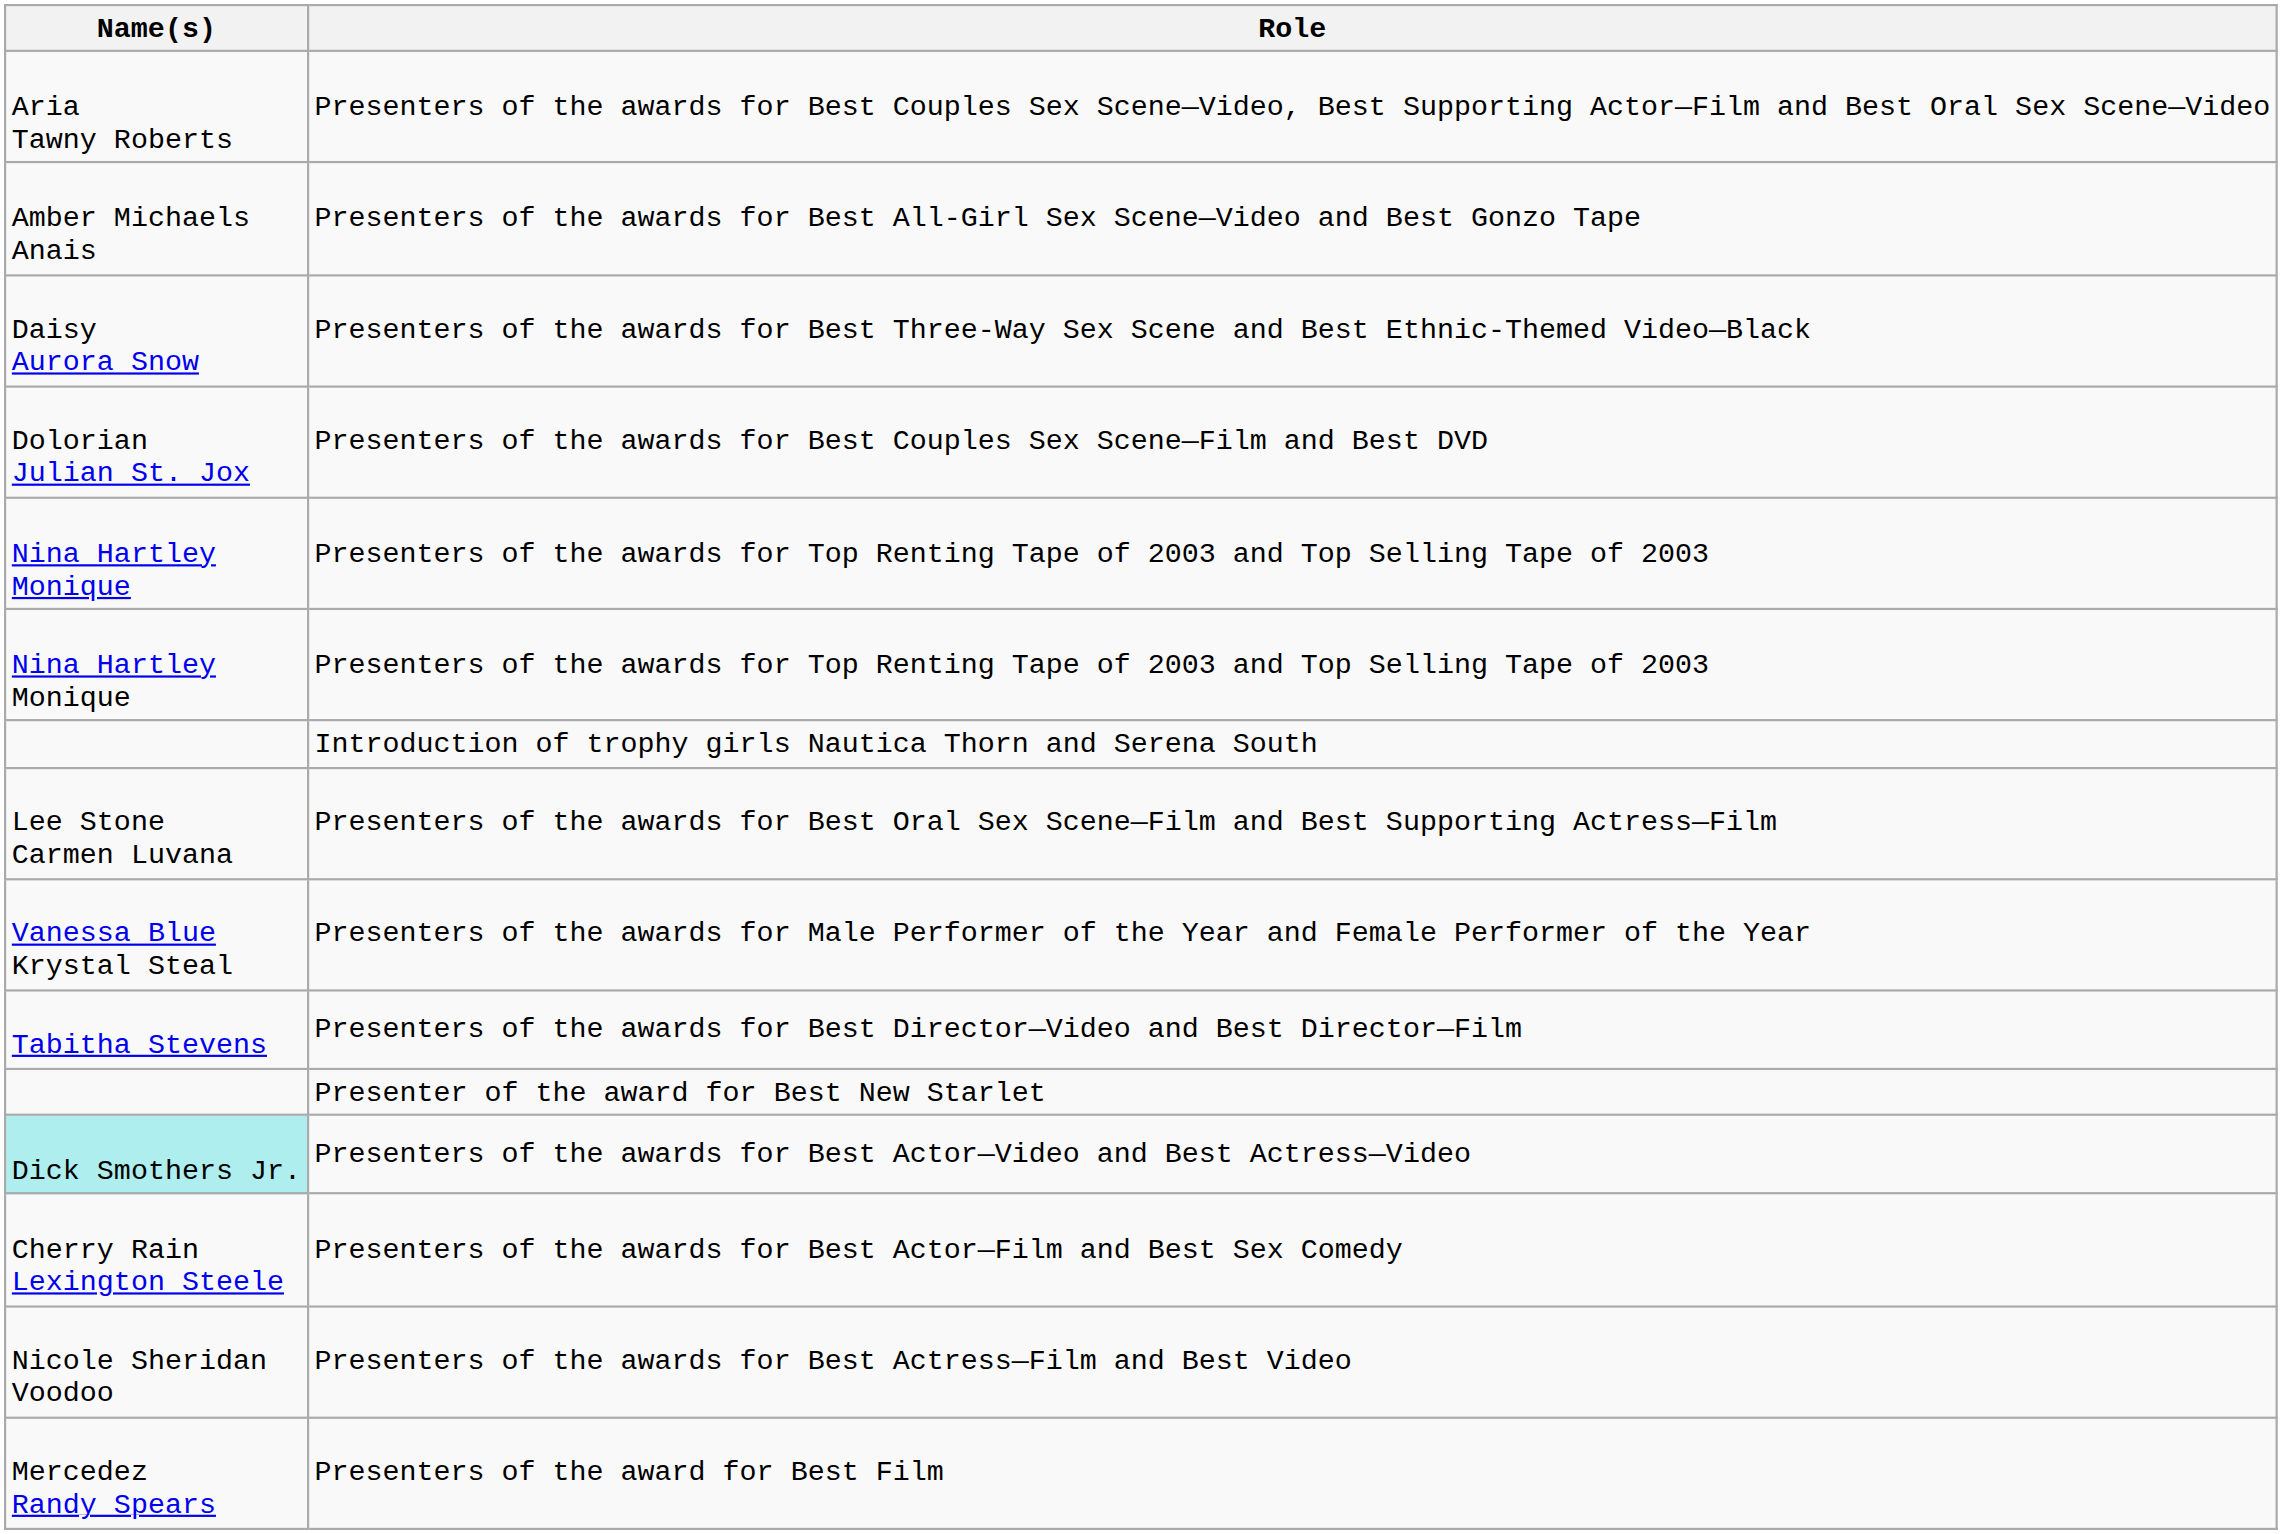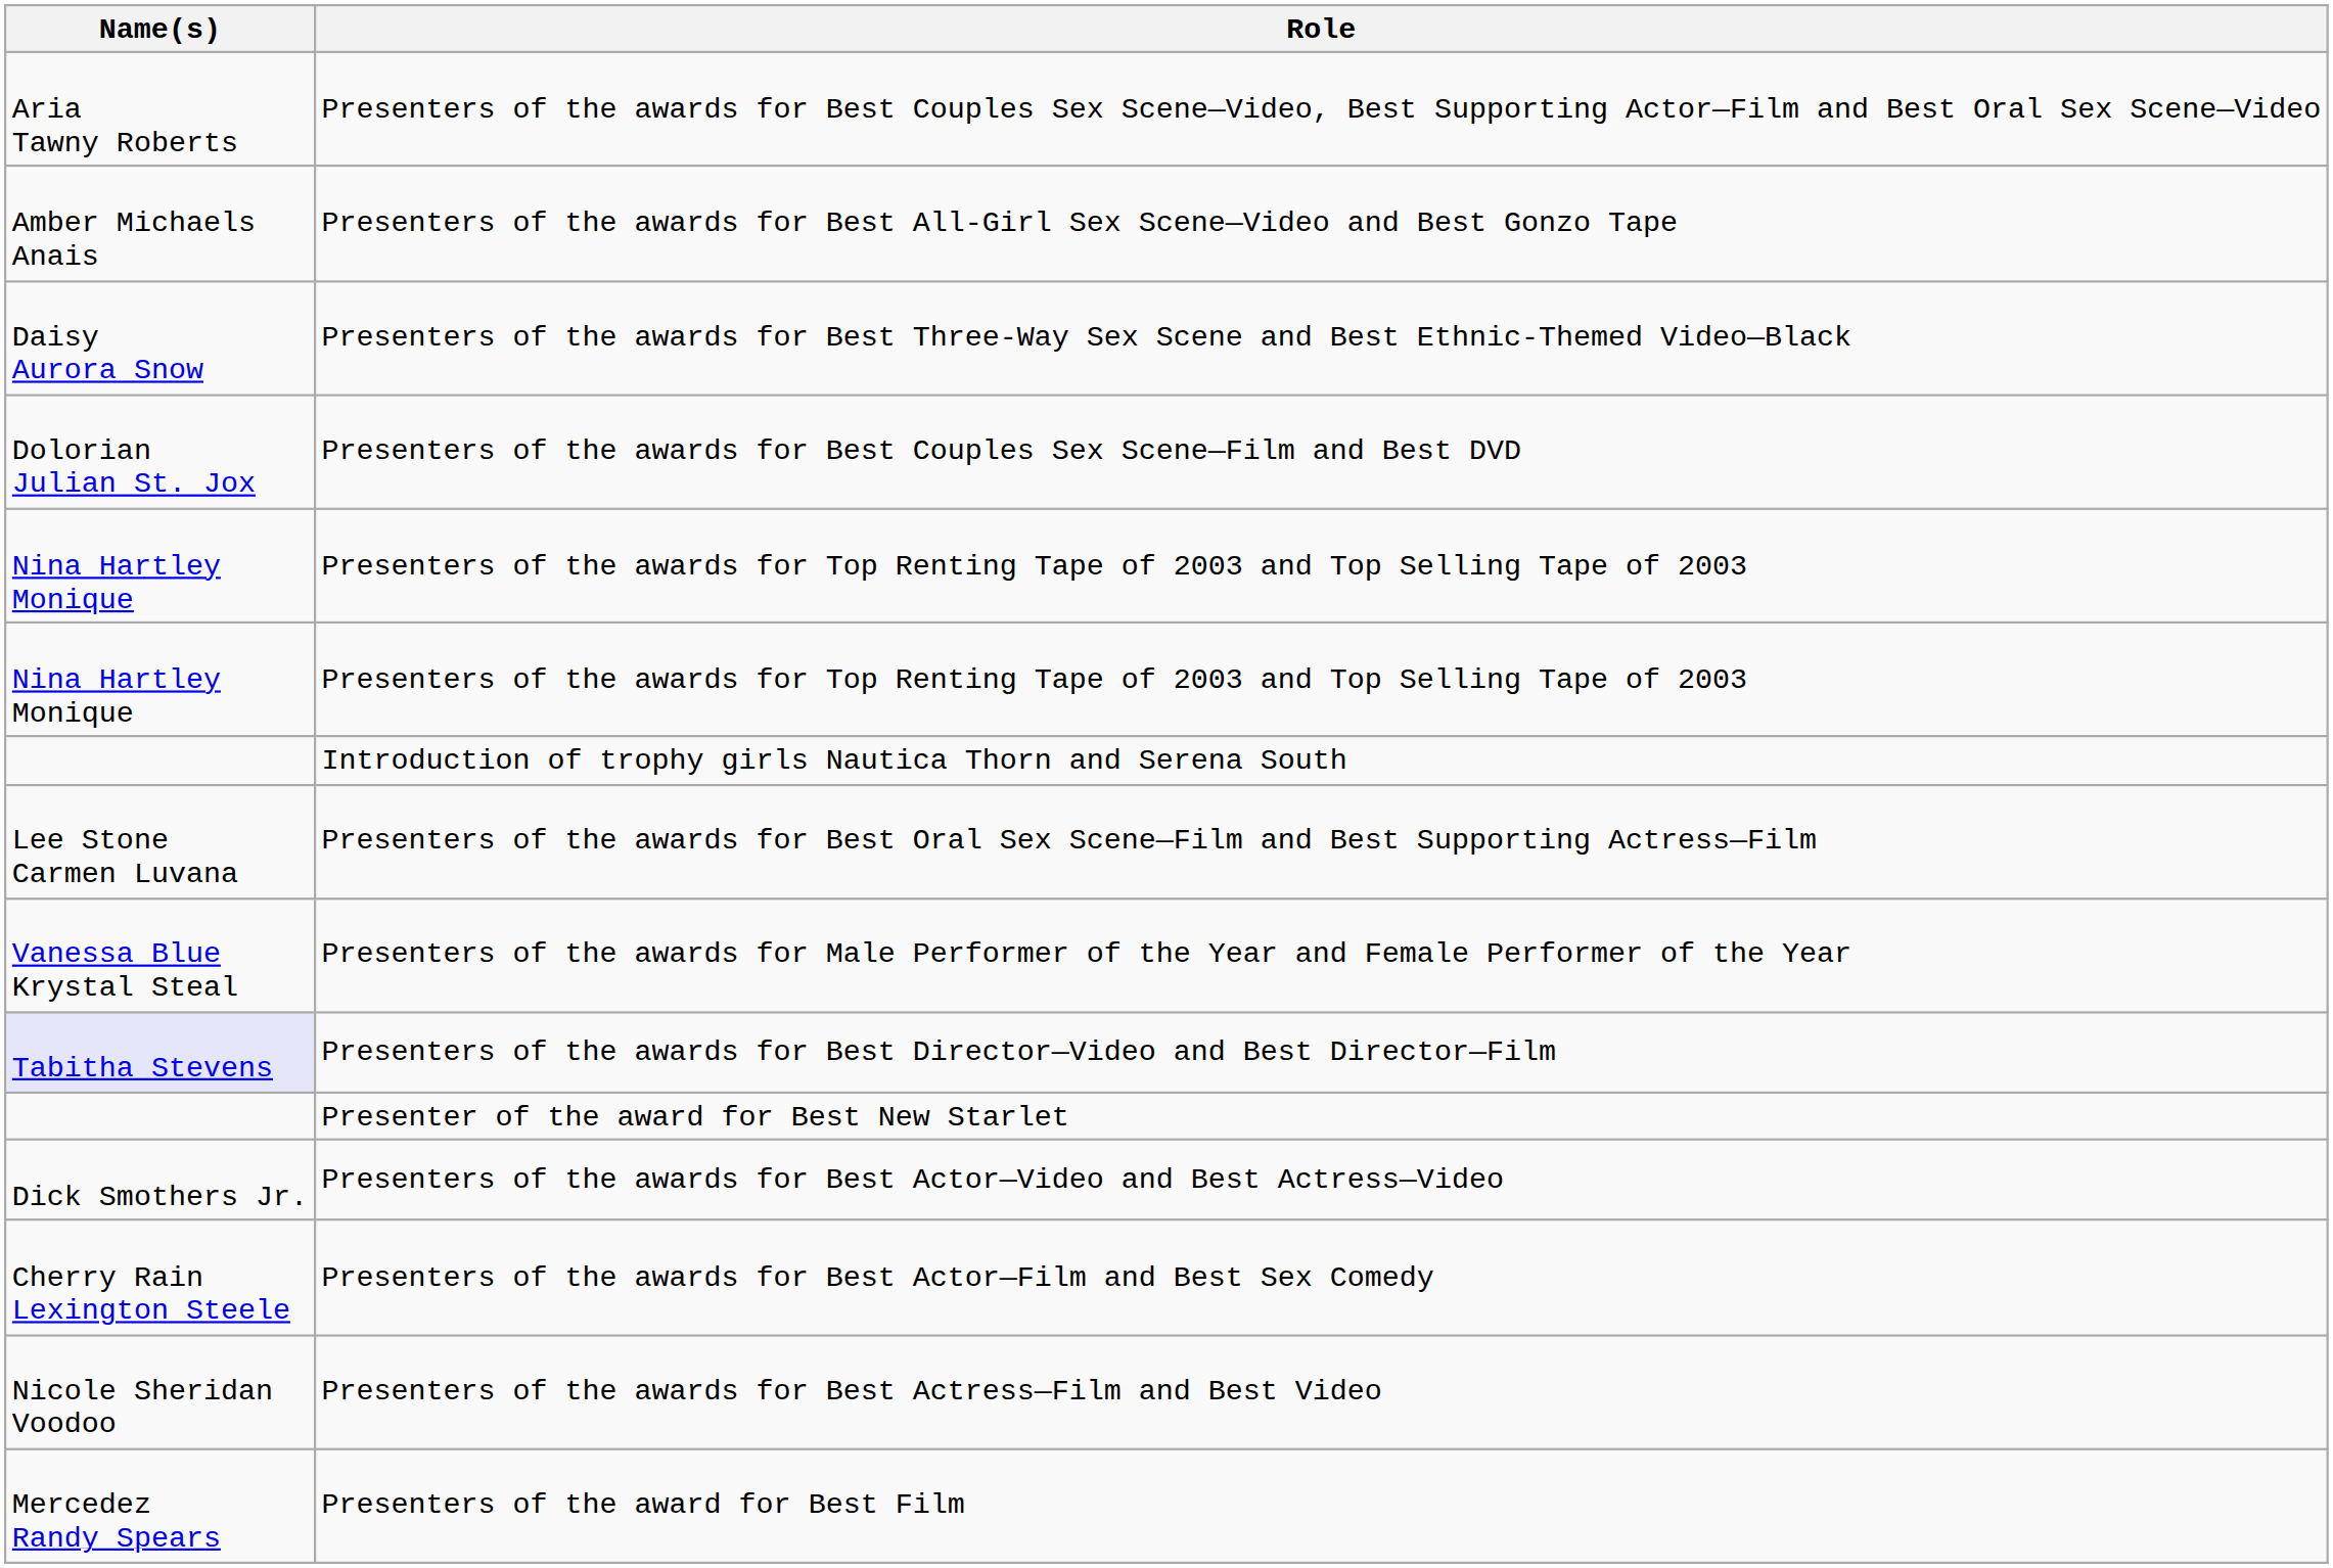 <table class="wikitable sortable">
 <tr>
 <th>Name(s)</th>
 <th>Role</th>
 </tr>
 <tr>
 <td><br>Aria<br>Tawny Roberts</td>
 <td>Presenters of the awards for Best Couples Sex Scene—Video, Best Supporting Actor—Film and Best Oral Sex Scene—Video</td>
 </tr>
 <tr>
 <td><br>Amber Michaels<br>Anais</td>
 <td>Presenters of the awards for Best All-Girl Sex Scene—Video and Best Gonzo Tape</td>
 </tr>
 <tr>
 <td><br>Daisy<br><a href='#'>Aurora Snow</a></td>
 <td>Presenters of the awards for Best Three-Way Sex Scene and Best Ethnic-Themed Video—Black</td>
 </tr>
 <tr>
 <td><br>Dolorian<br><a href='#'>Julian St. Jox</a></td>
 <td>Presenters of the awards for Best Couples Sex Scene—Film and Best DVD</td>
 </tr>
 <tr>
 <td><br><a href='#'>Nina Hartley</a><br><a href='#'>Monique</a></td>
 <td>Presenters of the awards for Top Renting Tape of 2003 and Top Selling Tape of 2003</td>
 </tr>
 <tr>
 <td><br><a href='#'>Nina Hartley</a><br>Monique</td>
 <td>Presenters of the awards for Top Renting Tape of 2003 and Top Selling Tape of 2003</td>
 </tr>
 <tr>
 <td></td>
 <td>Introduction of trophy girls Nautica Thorn and Serena South</td>
 </tr>
 <tr>
 <td><br>Lee Stone<br>Carmen Luvana</td>
 <td>Presenters of the awards for Best Oral Sex Scene—Film and Best Supporting Actress—Film</td>
 </tr>
 <tr>
 <td><br><a href='#'>Vanessa Blue</a><br>Krystal Steal</td>
 <td>Presenters of the awards for Male Performer of the Year and Female Performer of the Year</td>
 </tr>
 <tr>
-<td><br><a href='#'>Tabitha Stevens</a></td>
+<td style="background: lavender;"><br><a href='#'>Tabitha Stevens</a></td>
 <td>Presenters of the awards for Best Director—Video and Best Director—Film</td>
 </tr>
 <tr>
 <td></td>
 <td>Presenter of the award for Best New Starlet</td>
 </tr>
 <tr>
-<td style="background: paleturquoise;"><br>Dick Smothers Jr.</td>
+<td><br>Dick Smothers Jr.</td>
 <td>Presenters of the awards for Best Actor—Video and Best Actress—Video</td>
 </tr>
 <tr>
 <td><br>Cherry Rain<br><a href='#'>Lexington Steele</a></td>
 <td>Presenters of the awards for Best Actor—Film and Best Sex Comedy</td>
 </tr>
 <tr>
 <td><br>Nicole Sheridan<br>Voodoo</td>
 <td>Presenters of the awards for Best Actress—Film and Best Video</td>
 </tr>
 <tr>
 <td><br>Mercedez<br><a href='#'>Randy Spears</a></td>
 <td>Presenters of the award for Best Film</td>
 </tr>
 </table>
